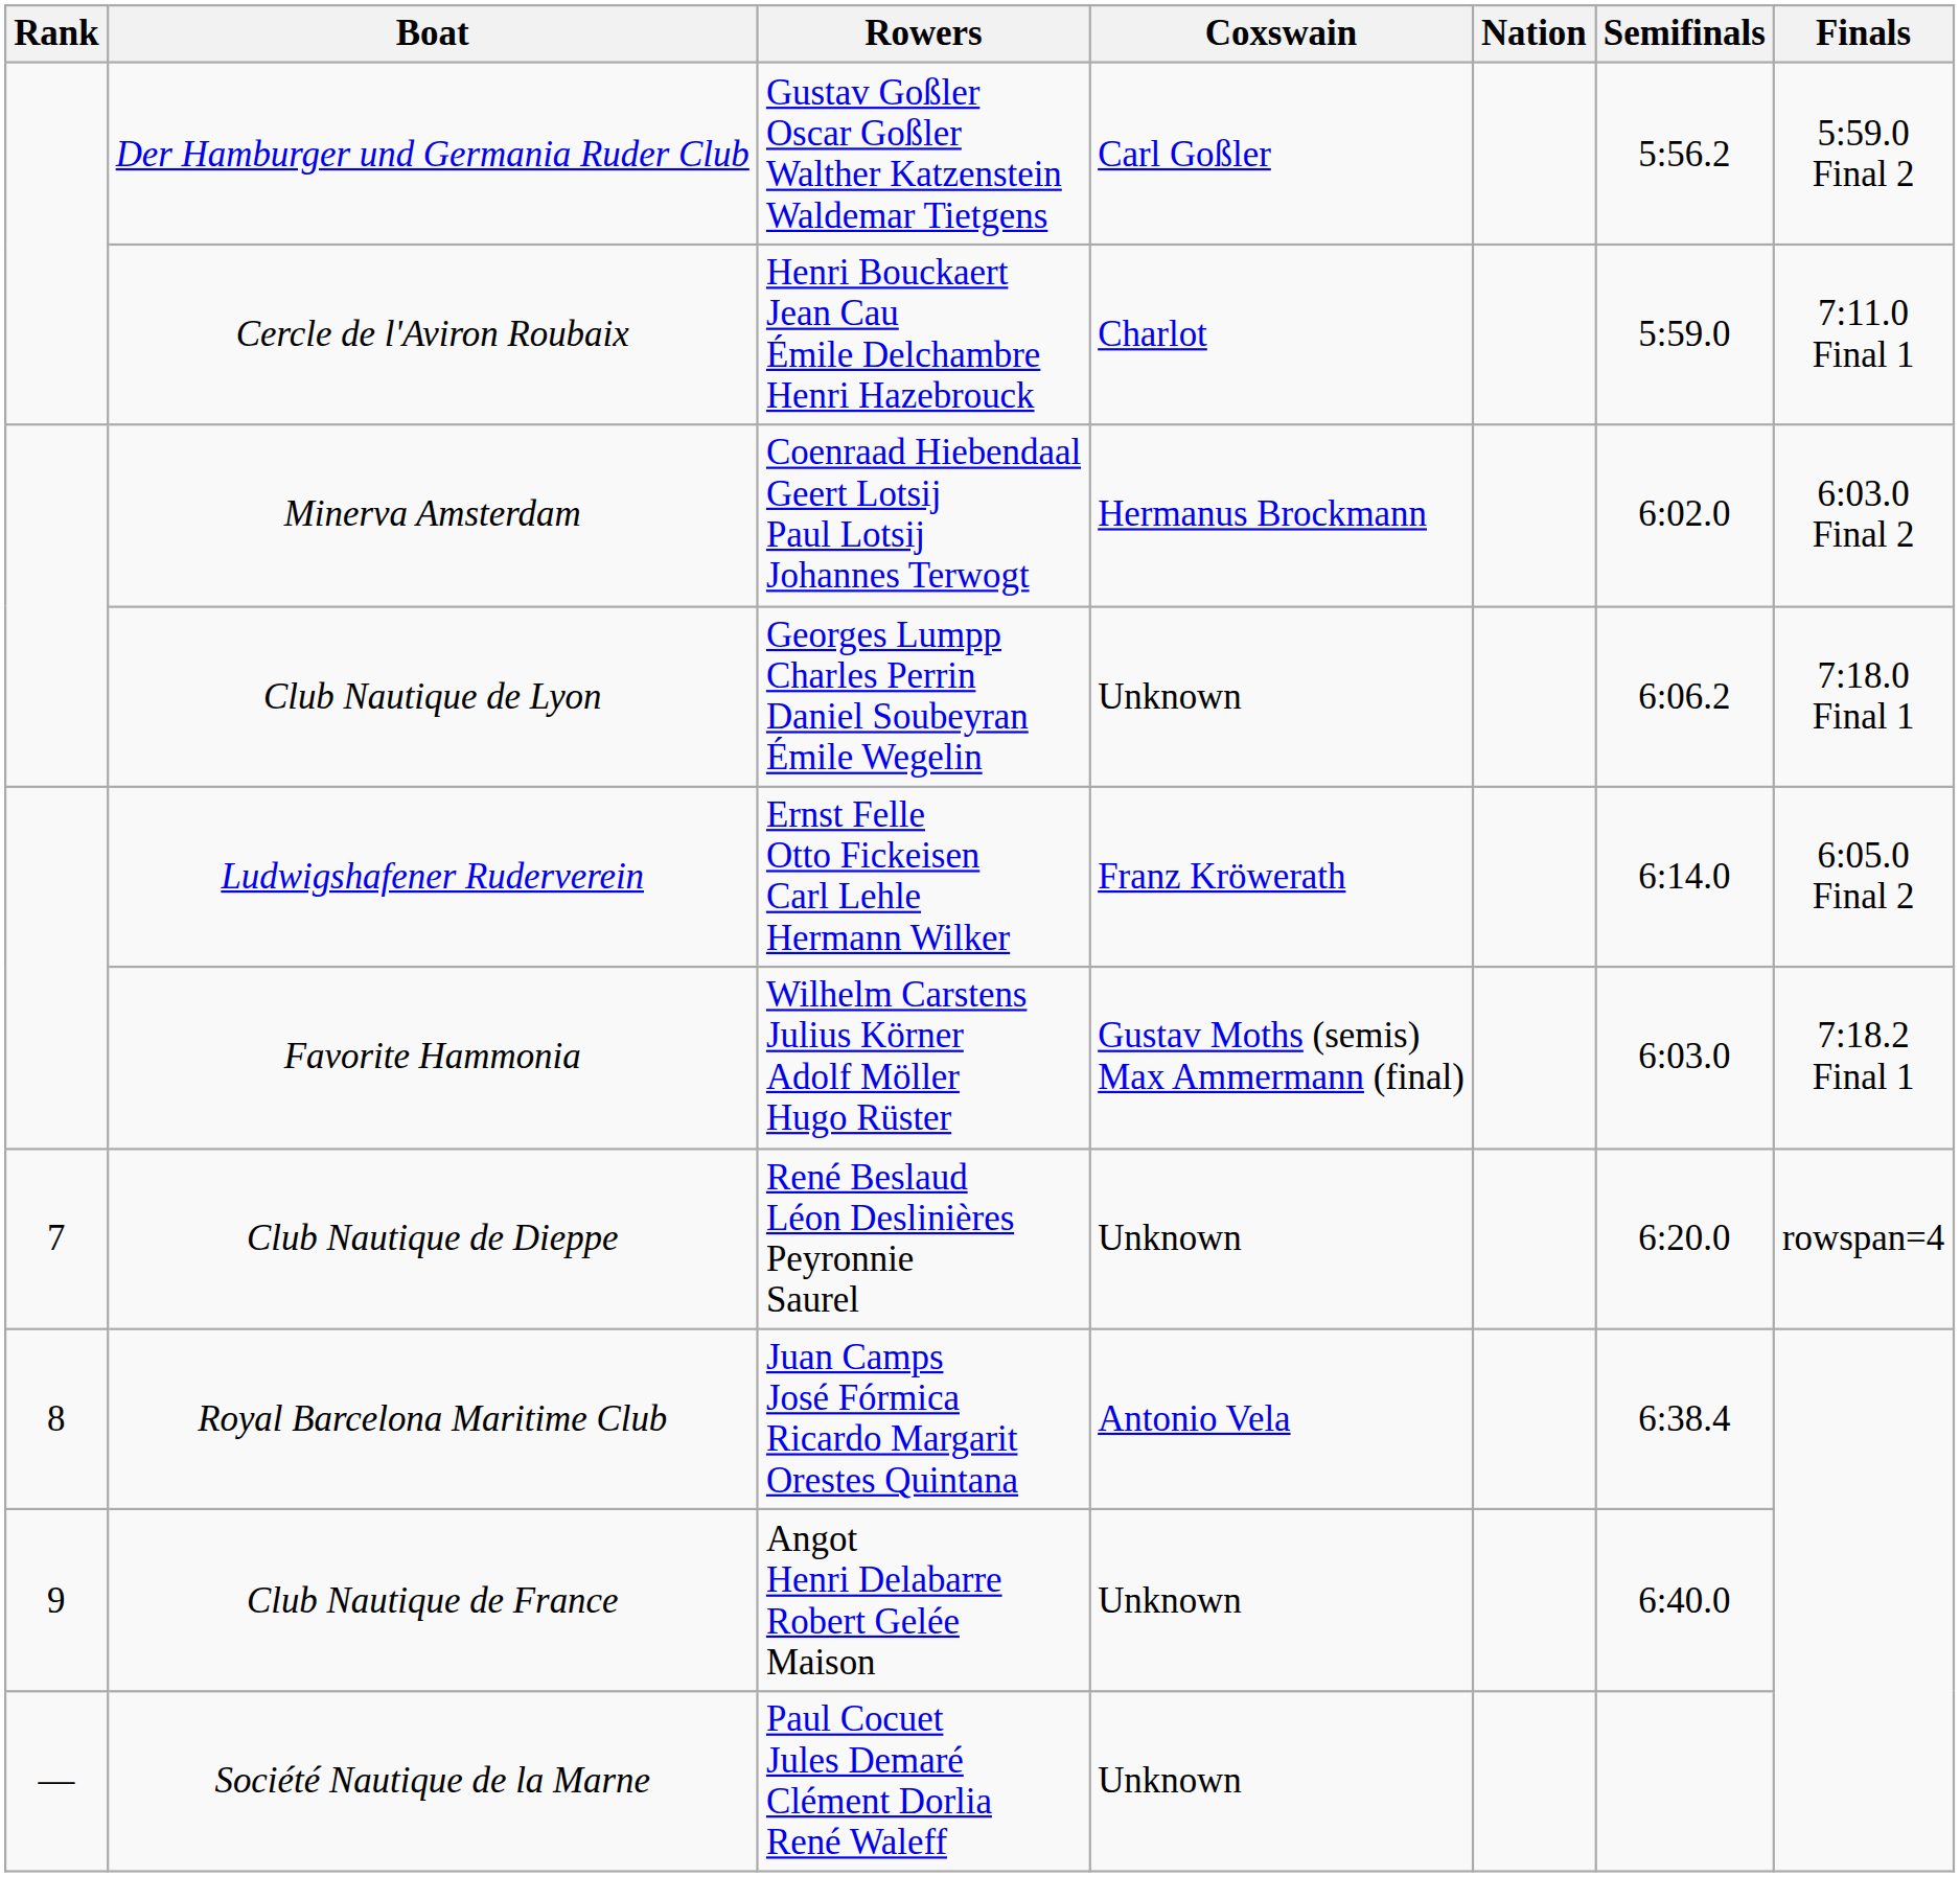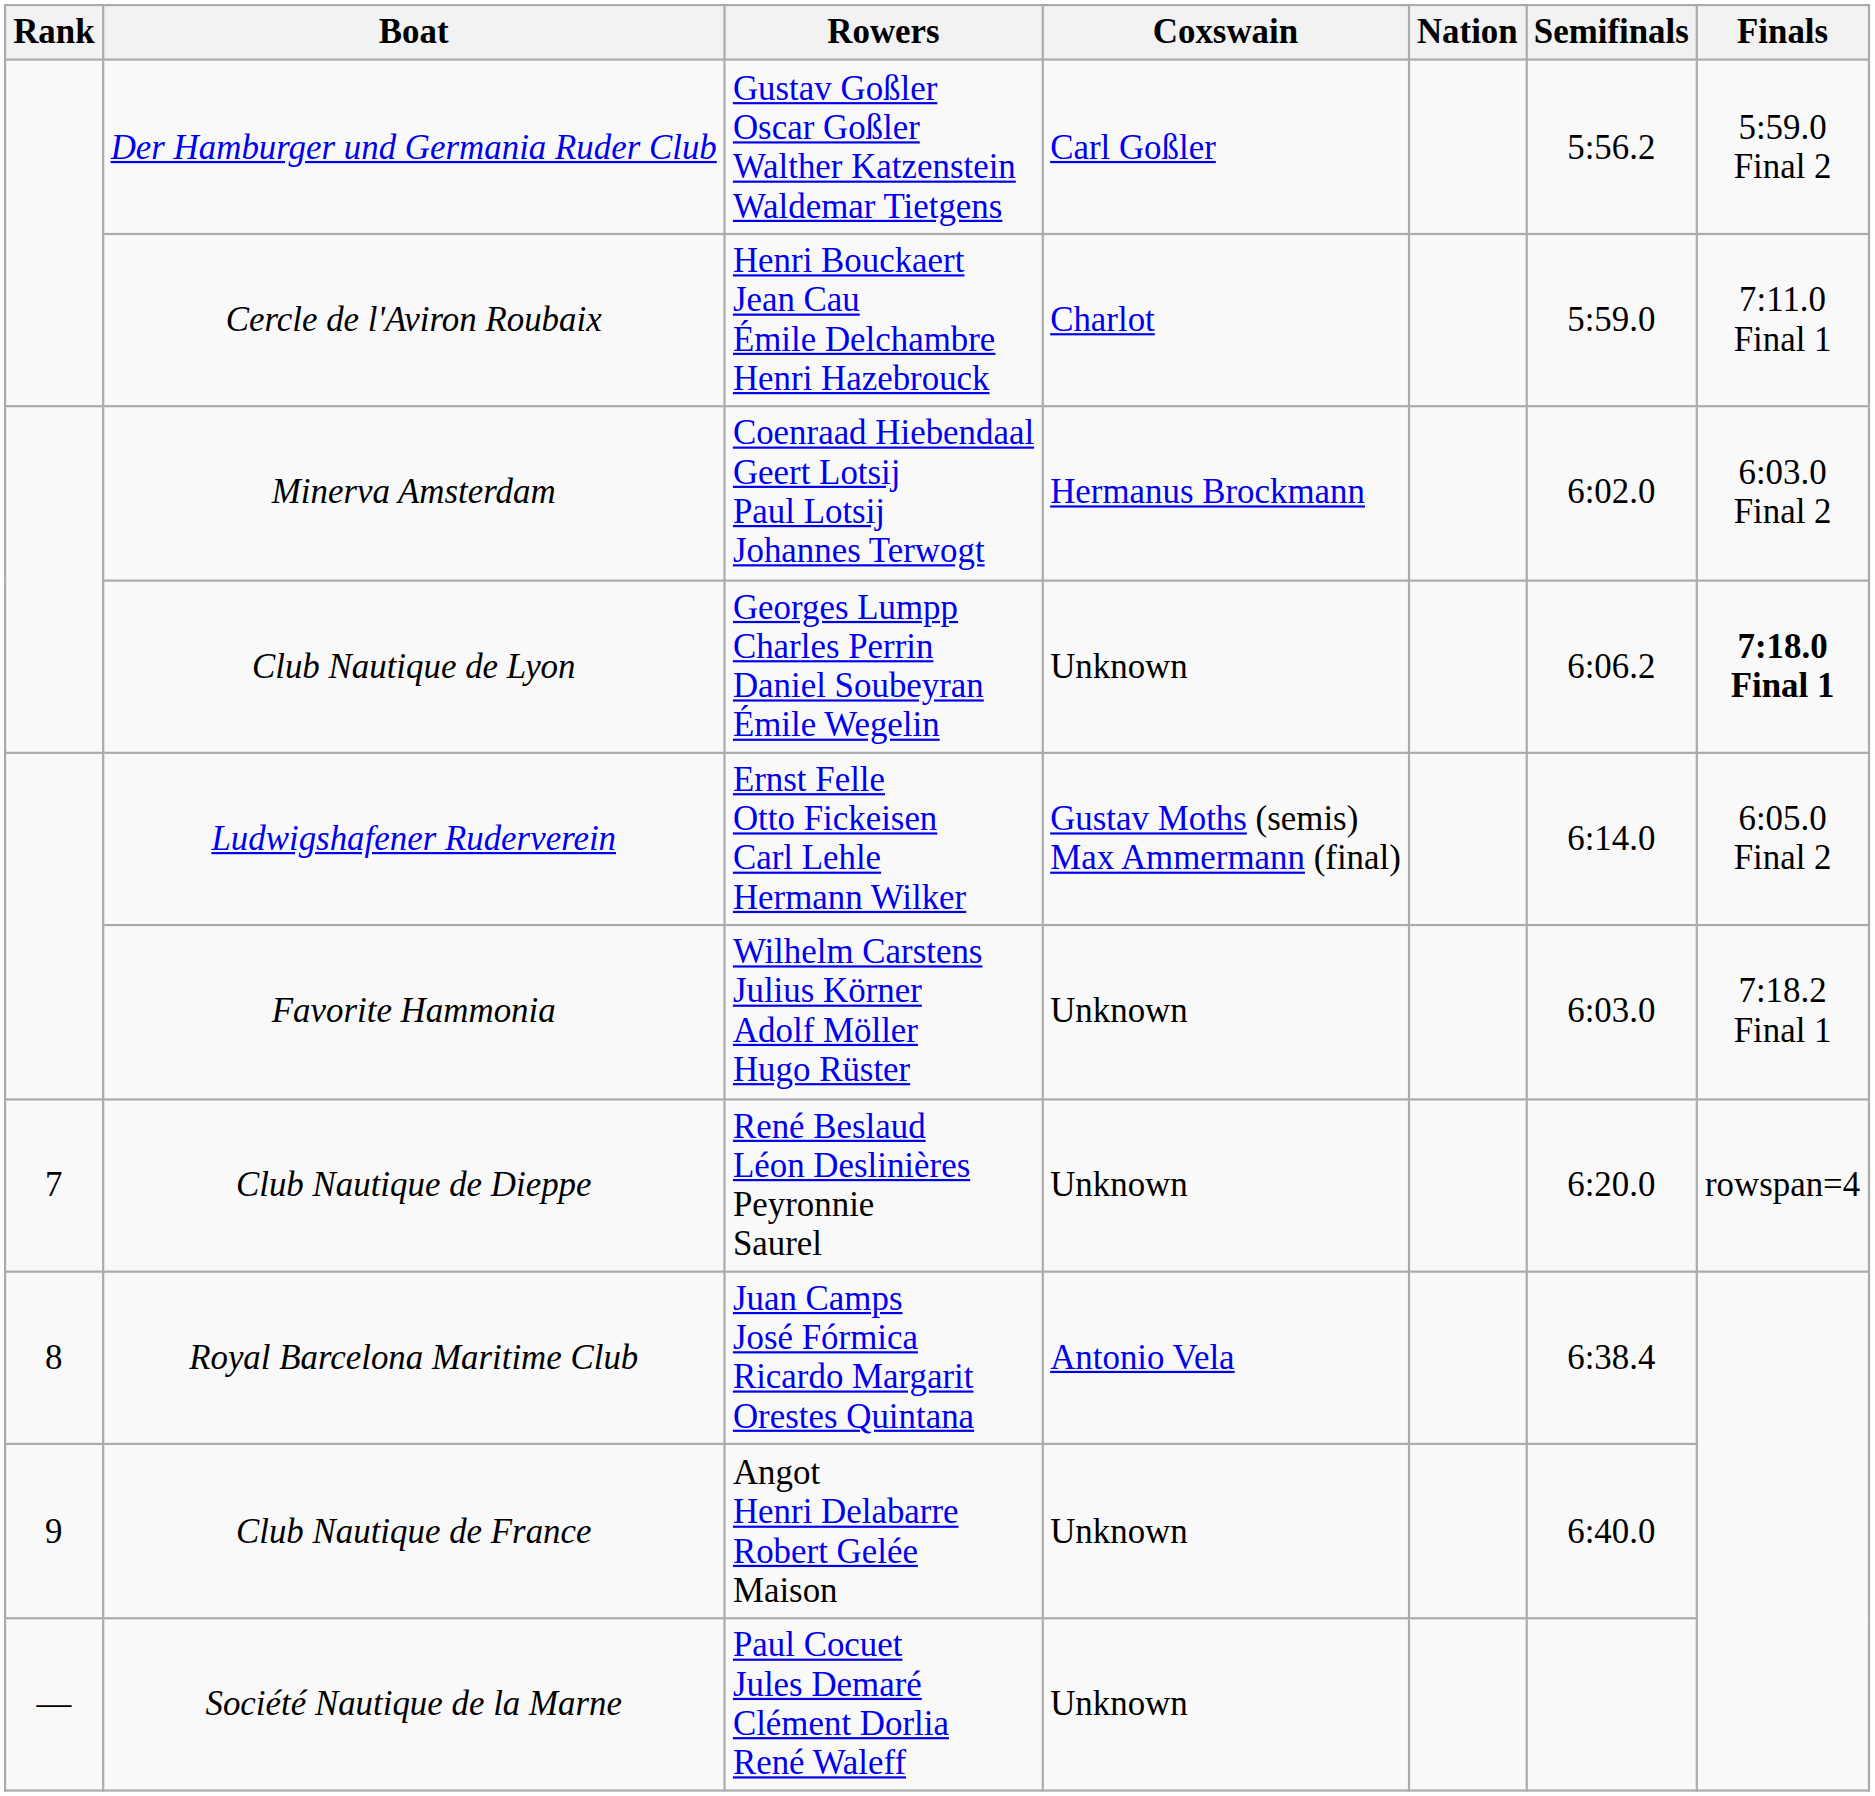 <table class="wikitable sortable" style="text-align:center">
 <tr>
 <th>Rank</th>
 <th>Boat</th>
 <th>Rowers</th>
 <th>Coxswain</th>
 <th>Nation</th>
 <th>Semifinals</th>
 <th>Finals</th>
 </tr>
 <tr>
 <td rowspan=2></td>
 <td align=left><em><a href='#'>Der Hamburger und Germania Ruder Club</a></em></td>
 <td align=left><a href='#'>Gustav Goßler</a> <br> <a href='#'>Oscar Goßler</a> <br> <a href='#'>Walther Katzenstein</a> <br> <a href='#'>Waldemar Tietgens</a></td>
 <td align=left><a href='#'>Carl Goßler</a></td>
 <td align=left></td>
 <td>5:56.2</td>
 <td>5:59.0<br>Final 2</td>
 </tr>
 <tr>
 <td><em>Cercle de l'Aviron Roubaix</em></td>
 <td align=left><a href='#'>Henri Bouckaert</a> <br> <a href='#'>Jean Cau</a> <br> <a href='#'>Émile Delchambre</a> <br> <a href='#'>Henri Hazebrouck</a></td>
 <td align=left><a href='#'>Charlot</a></td>
 <td align=left></td>
 <td>5:59.0</td>
 <td>7:11.0<br>Final 1</td>
 </tr>
 <tr>
 <td rowspan=2></td>
 <td><em>Minerva Amsterdam</em></td>
 <td align=left><a href='#'>Coenraad Hiebendaal</a> <br> <a href='#'>Geert Lotsij</a> <br> <a href='#'>Paul Lotsij</a> <br> <a href='#'>Johannes Terwogt</a></td>
 <td align=left><a href='#'>Hermanus Brockmann</a></td>
 <td align=left></td>
 <td>6:02.0</td>
 <td>6:03.0<br>Final 2</td>
 </tr>
 <tr>
 <td><em>Club Nautique de Lyon</em></td>
 <td align=left><a href='#'>Georges Lumpp</a> <br> <a href='#'>Charles Perrin</a> <br> <a href='#'>Daniel Soubeyran</a> <br> <a href='#'>Émile Wegelin</a></td>
 <td align=left>Unknown</td>
 <td align=left></td>
 <td>6:06.2</td>
-<td>7:18.0<br>Final 1</td>
+<td><strong>7:18.0<br>Final 1</strong></td>
 </tr>
 <tr>
 <td rowspan=2></td>
 <td><em><a href='#'>Ludwigshafener Ruderverein</a></em></td>
 <td align=left><a href='#'>Ernst Felle</a> <br> <a href='#'>Otto Fickeisen</a> <br> <a href='#'>Carl Lehle</a> <br> <a href='#'>Hermann Wilker</a></td>
-<td align=left><a href='#'>Franz Kröwerath</a></td>
+<td align=left><a href='#'>Gustav Moths</a> (semis)<br><a href='#'>Max Ammermann</a> (final)</td>
 <td align=left></td>
 <td>6:14.0</td>
 <td>6:05.0<br>Final 2</td>
 </tr>
 <tr>
 <td><em>Favorite Hammonia</em></td>
 <td align=left><a href='#'>Wilhelm Carstens</a> <br> <a href='#'>Julius Körner</a> <br> <a href='#'>Adolf Möller</a> <br> <a href='#'>Hugo Rüster</a></td>
-<td align=left><a href='#'>Gustav Moths</a> (semis)<br><a href='#'>Max Ammermann</a> (final)</td>
+<td align=left>Unknown</td>
 <td align=left></td>
 <td>6:03.0</td>
 <td>7:18.2<br>Final 1</td>
 </tr>
 <tr>
 <td>7</td>
 <td><em>Club Nautique de Dieppe</em></td>
 <td align=left><a href='#'>René Beslaud</a> <br><a href='#'>Léon Deslinières</a> <br> Peyronnie <br> Saurel</td>
 <td align=left>Unknown</td>
 <td align=left></td>
 <td>6:20.0</td>
 <td>rowspan=4 </td>
 </tr>
 <tr>
 <td>8</td>
 <td><em>Royal Barcelona Maritime Club</em></td>
 <td align=left><a href='#'>Juan Camps</a> <br> <a href='#'>José Fórmica</a> <br> <a href='#'>Ricardo Margarit</a> <br> <a href='#'>Orestes Quintana</a></td>
 <td align=left><a href='#'>Antonio Vela</a></td>
 <td align=left></td>
 <td>6:38.4</td>
 </tr>
 <tr>
 <td>9</td>
 <td><em>Club Nautique de France</em></td>
 <td align=left>Angot <br><a href='#'>Henri Delabarre</a><br><a href='#'>Robert Gelée</a><br>Maison</td>
 <td align=left>Unknown</td>
 <td align=left></td>
 <td>6:40.0</td>
 </tr>
 <tr>
 <td data-sort-value=10>—</td>
 <td><em>Société Nautique de la Marne</em></td>
 <td align=left><a href='#'>Paul Cocuet</a> <br><a href='#'>Jules Demaré</a> <br><a href='#'>Clément Dorlia</a> <br><a href='#'>René Waleff</a></td>
 <td align=left>Unknown</td>
 <td align=left></td>
 <td data-sort-value=9:99.9></td>
 </tr>
 </table>
